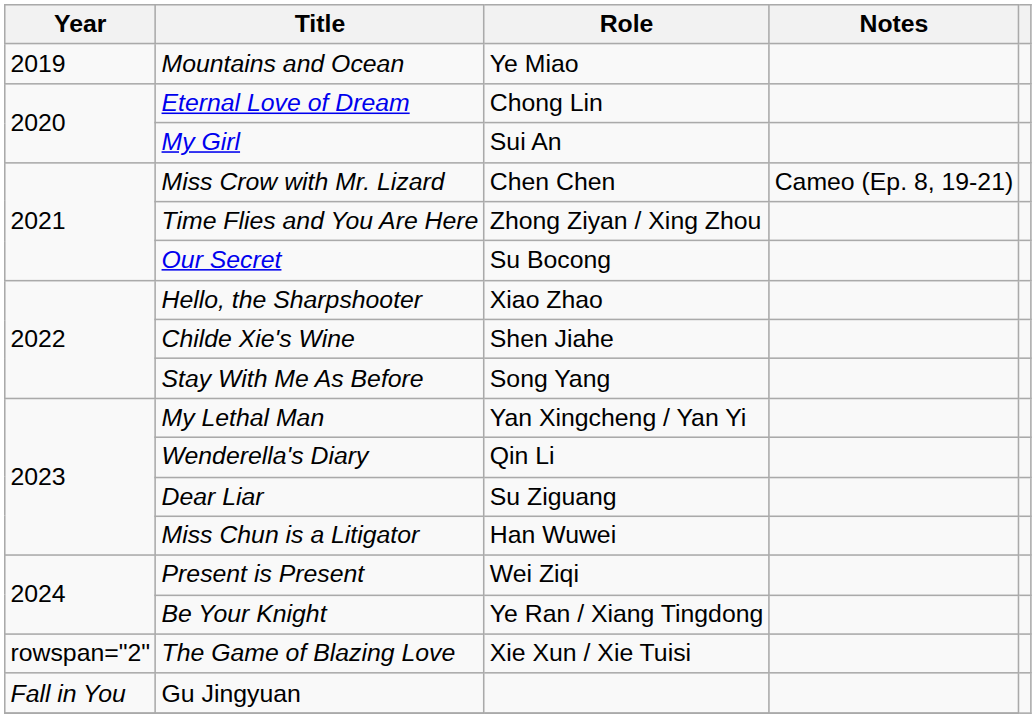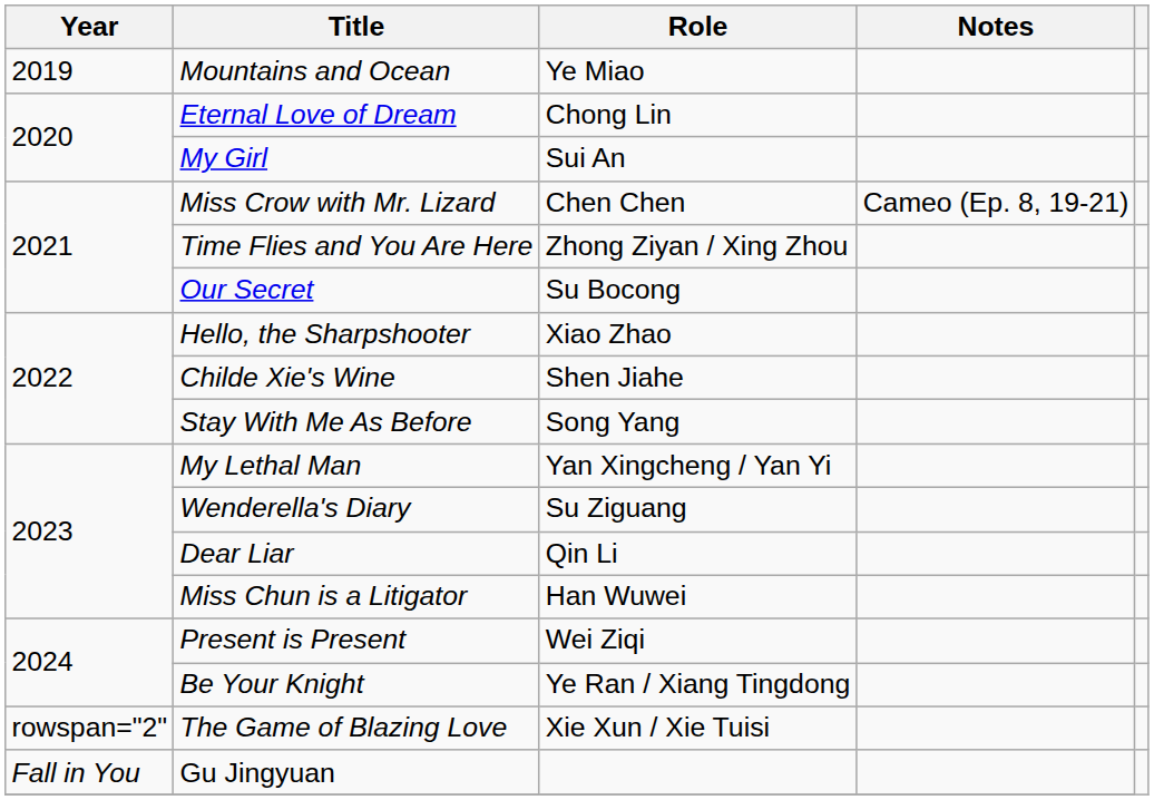 <table class="wikitable sortable plainrowheaders">
 <tr>
 <th scope="col">Year</th>
 <th scope="col">Title</th>
 <th scope="col">Role</th>
 <th scope="col">Notes</th>
 <th scope="col" class="unsortable"></th>
 </tr>
 <tr>
 <td>2019</td>
 <td><em>Mountains and Ocean</em></td>
 <td>Ye Miao</td>
 <td></td>
 <td></td>
 </tr>
 <tr>
 <td rowspan="2">2020</td>
 <td><em><a href='#'>Eternal Love of Dream</a></em></td>
 <td>Chong Lin</td>
 <td></td>
 <td></td>
 </tr>
 <tr>
 <td><em><a href='#'>My Girl</a></em></td>
 <td>Sui An</td>
 <td></td>
 <td></td>
 </tr>
 <tr>
 <td rowspan="3">2021</td>
 <td><em>Miss Crow with Mr. Lizard</em></td>
 <td>Chen Chen</td>
 <td>Cameo (Ep. 8, 19-21)</td>
 <td></td>
 </tr>
 <tr>
 <td><em>Time Flies and You Are Here</em></td>
 <td>Zhong Ziyan / Xing Zhou</td>
 <td></td>
 <td></td>
 </tr>
 <tr>
 <td><em><a href='#'>Our Secret</a></em></td>
 <td>Su Bocong</td>
 <td></td>
 <td></td>
 </tr>
 <tr>
 <td rowspan="3">2022</td>
 <td><em>Hello, the Sharpshooter</em></td>
 <td>Xiao Zhao</td>
 <td></td>
 <td></td>
 </tr>
 <tr>
 <td><em>Childe Xie's Wine</em></td>
 <td>Shen Jiahe</td>
 <td></td>
 <td></td>
 </tr>
 <tr>
 <td><em>Stay With Me As Before</em></td>
 <td>Song Yang</td>
 <td></td>
 <td></td>
 </tr>
 <tr>
 <td rowspan="4">2023</td>
 <td><em>My Lethal Man</em></td>
 <td>Yan Xingcheng / Yan Yi</td>
 <td></td>
 <td></td>
 </tr>
 <tr>
 <td><em>Wenderella's Diary</em></td>
-<td>Qin Li</td>
+<td>Su Ziguang</td>
 <td></td>
 <td></td>
 </tr>
 <tr>
 <td><em>Dear Liar</em></td>
-<td>Su Ziguang</td>
+<td>Qin Li</td>
 <td></td>
 <td></td>
 </tr>
 <tr>
 <td><em>Miss Chun is a Litigator</em></td>
 <td>Han Wuwei</td>
 <td></td>
 <td></td>
 </tr>
 <tr>
 <td rowspan="2">2024</td>
 <td><em>Present is Present</em></td>
 <td>Wei Ziqi</td>
 <td></td>
 <td></td>
 </tr>
 <tr>
 <td><em>Be Your Knight</em></td>
 <td>Ye Ran / Xiang Tingdong</td>
 <td></td>
 <td></td>
 </tr>
 <tr>
 <td>rowspan="2" </td>
 <td><em>The Game of Blazing Love</em></td>
 <td>Xie Xun / Xie Tuisi</td>
 <td></td>
 <td></td>
 </tr>
 <tr>
 <td><em>Fall in You</em></td>
 <td>Gu Jingyuan</td>
 <td></td>
 <td></td>
 </tr>
 <tr>
 </tr>
 </table>
